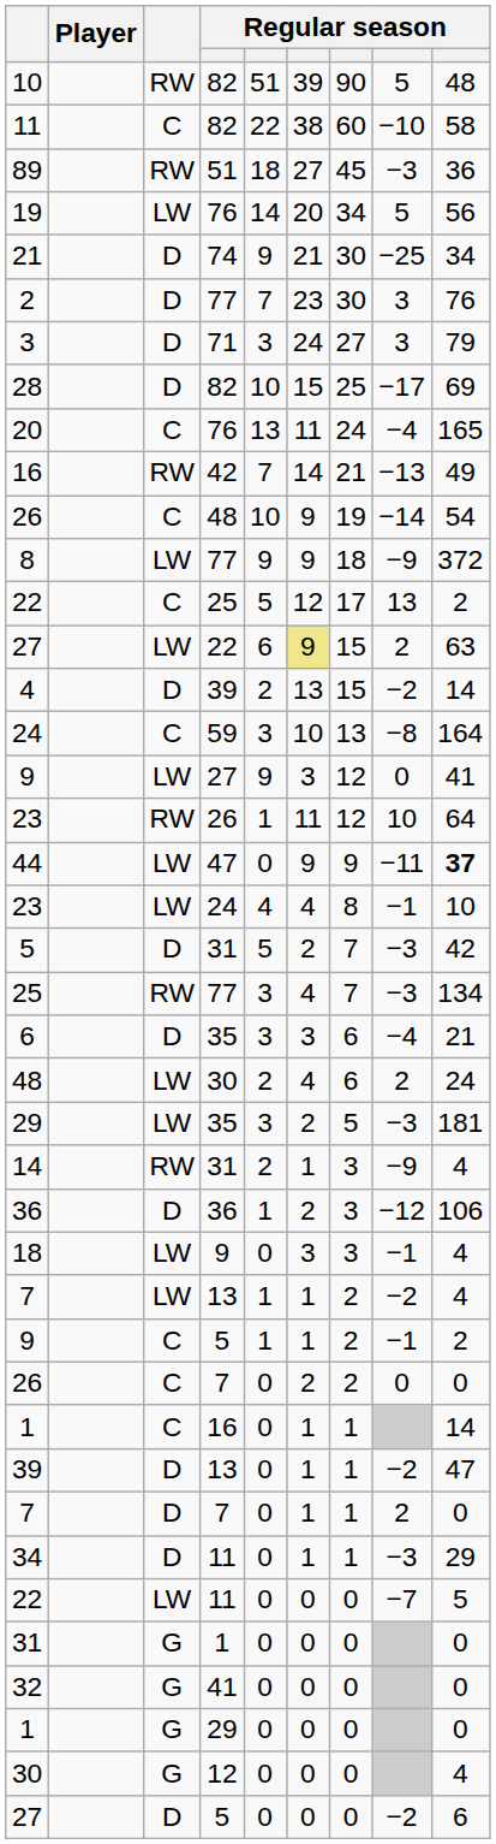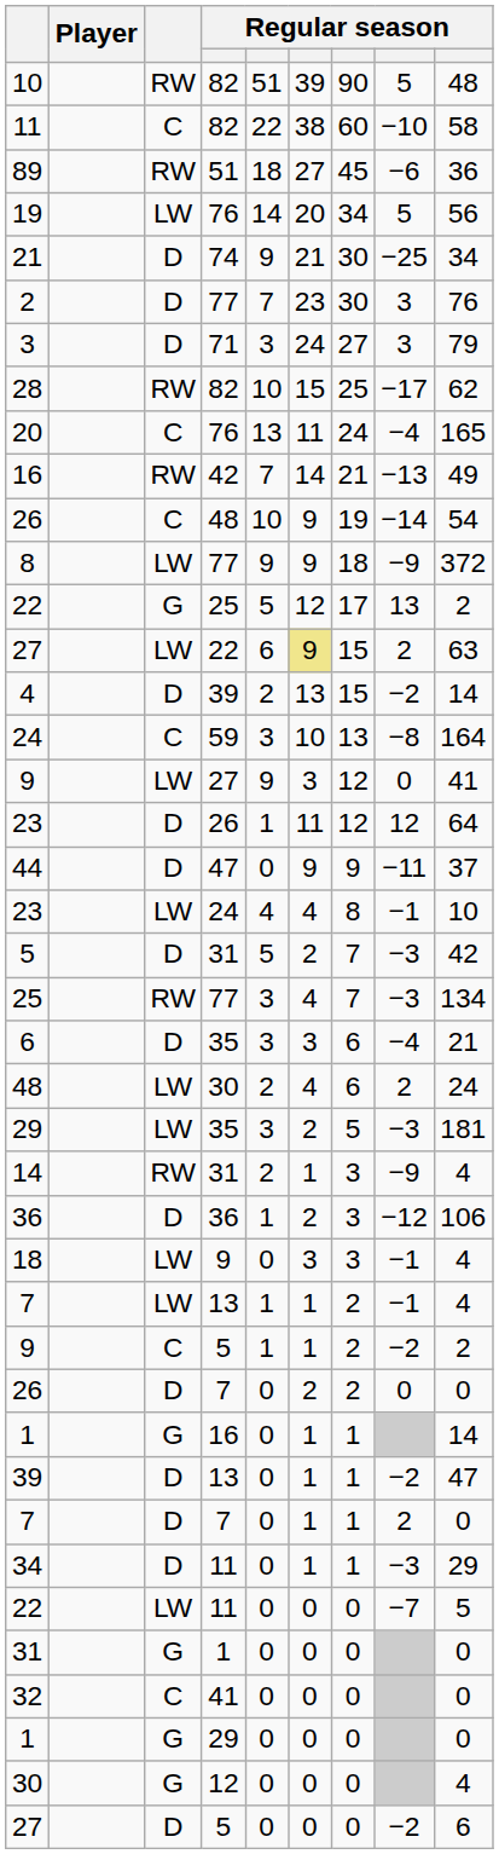 <table class="wikitable sortable plainrowheaders" style="text-align:center;">
 <tr>
 <th scope="col" data-sort-type="number" rowspan="2"></th>
 <th scope="col" rowspan="2">Player</th>
 <th scope="col" rowspan="2"></th>
 <th scope=colgroup colspan=6>Regular season</th>
 </tr>
 <tr>
 <th scope="col" data-sort-type="number"></th>
 <th scope="col" data-sort-type="number"></th>
 <th scope="col" data-sort-type="number"></th>
 <th scope="col" data-sort-type="number"></th>
 <th scope="col" data-sort-type="number"></th>
 <th scope="col" data-sort-type="number"></th>
 </tr>
 <tr>
 <td scope="row">10</td>
 <td align="left"></td>
 <td>RW</td>
 <td>82</td>
 <td>51</td>
 <td>39</td>
 <td>90</td>
 <td>5</td>
 <td>48</td>
 </tr>
 <tr>
 <td scope="row">11</td>
 <td align="left"></td>
 <td>C</td>
 <td>82</td>
 <td>22</td>
 <td>38</td>
 <td>60</td>
 <td>−10</td>
 <td>58</td>
 </tr>
 <tr>
 <td scope="row">89</td>
 <td align="left"></td>
 <td>RW</td>
 <td>51</td>
 <td>18</td>
 <td>27</td>
 <td>45</td>
-<td>−3</td>
+<td>−6</td>
 <td>36</td>
 </tr>
 <tr>
 <td scope="row">19</td>
 <td align="left"></td>
 <td>LW</td>
 <td>76</td>
 <td>14</td>
 <td>20</td>
 <td>34</td>
 <td>5</td>
 <td>56</td>
 </tr>
 <tr>
 <td scope="row">21</td>
 <td align="left"></td>
 <td>D</td>
 <td>74</td>
 <td>9</td>
 <td>21</td>
 <td>30</td>
 <td>−25</td>
 <td>34</td>
 </tr>
 <tr>
 <td scope="row">2</td>
 <td align="left"></td>
 <td>D</td>
 <td>77</td>
 <td>7</td>
 <td>23</td>
 <td>30</td>
 <td>3</td>
 <td>76</td>
 </tr>
 <tr>
 <td scope="row">3</td>
 <td align="left"></td>
 <td>D</td>
 <td>71</td>
 <td>3</td>
 <td>24</td>
 <td>27</td>
 <td>3</td>
 <td>79</td>
 </tr>
 <tr>
 <td scope="row">28</td>
 <td align="left"></td>
-<td>D</td>
+<td>RW</td>
 <td>82</td>
 <td>10</td>
 <td>15</td>
 <td>25</td>
 <td>−17</td>
-<td>69</td>
+<td>62</td>
 </tr>
 <tr>
 <td scope="row">20</td>
 <td align="left"></td>
 <td>C</td>
 <td>76</td>
 <td>13</td>
 <td>11</td>
 <td>24</td>
 <td>−4</td>
 <td>165</td>
 </tr>
 <tr>
 <td scope="row">16</td>
 <td align="left"></td>
 <td>RW</td>
 <td>42</td>
 <td>7</td>
 <td>14</td>
 <td>21</td>
 <td>−13</td>
 <td>49</td>
 </tr>
 <tr>
 <td scope="row">26</td>
 <td align="left"></td>
 <td>C</td>
 <td>48</td>
 <td>10</td>
 <td>9</td>
 <td>19</td>
 <td>−14</td>
 <td>54</td>
 </tr>
 <tr>
 <td scope="row">8</td>
 <td align="left"></td>
 <td>LW</td>
 <td>77</td>
 <td>9</td>
 <td>9</td>
 <td>18</td>
 <td>−9</td>
 <td>372</td>
 </tr>
 <tr>
 <td scope="row">22</td>
 <td align="left"></td>
-<td>C</td>
+<td>G</td>
 <td>25</td>
 <td>5</td>
 <td>12</td>
 <td>17</td>
 <td>13</td>
 <td>2</td>
 </tr>
 <tr>
 <td scope="row">27</td>
 <td align="left"></td>
 <td>LW</td>
 <td>22</td>
 <td>6</td>
 <td style="background: khaki;">9</td>
 <td>15</td>
 <td>2</td>
 <td>63</td>
 </tr>
 <tr>
 <td scope="row">4</td>
 <td align="left"></td>
 <td>D</td>
 <td>39</td>
 <td>2</td>
 <td>13</td>
 <td>15</td>
 <td>−2</td>
 <td>14</td>
 </tr>
 <tr>
 <td scope="row">24</td>
 <td align="left"></td>
 <td>C</td>
 <td>59</td>
 <td>3</td>
 <td>10</td>
 <td>13</td>
 <td>−8</td>
 <td>164</td>
 </tr>
 <tr>
 <td scope="row">9</td>
 <td align="left"></td>
 <td>LW</td>
 <td>27</td>
 <td>9</td>
 <td>3</td>
 <td>12</td>
 <td>0</td>
 <td>41</td>
 </tr>
 <tr>
 <td scope="row">23</td>
 <td align="left"></td>
-<td>RW</td>
+<td>D</td>
 <td>26</td>
 <td>1</td>
 <td>11</td>
 <td>12</td>
-<td>10</td>
+<td>12</td>
 <td>64</td>
 </tr>
 <tr>
 <td scope="row">44</td>
 <td align="left"></td>
-<td>LW</td>
+<td>D</td>
 <td>47</td>
 <td>0</td>
 <td>9</td>
 <td>9</td>
 <td>−11</td>
-<td><strong>37</strong></td>
+<td>37</td>
 </tr>
 <tr>
 <td scope="row">23</td>
 <td align="left"></td>
 <td>LW</td>
 <td>24</td>
 <td>4</td>
 <td>4</td>
 <td>8</td>
 <td>−1</td>
 <td>10</td>
 </tr>
 <tr>
 <td scope="row">5</td>
 <td align="left"></td>
 <td>D</td>
 <td>31</td>
 <td>5</td>
 <td>2</td>
 <td>7</td>
 <td>−3</td>
 <td>42</td>
 </tr>
 <tr>
 <td scope="row">25</td>
 <td align="left"></td>
 <td>RW</td>
 <td>77</td>
 <td>3</td>
 <td>4</td>
 <td>7</td>
 <td>−3</td>
 <td>134</td>
 </tr>
 <tr>
 <td scope="row">6</td>
 <td align="left"></td>
 <td>D</td>
 <td>35</td>
 <td>3</td>
 <td>3</td>
 <td>6</td>
 <td>−4</td>
 <td>21</td>
 </tr>
 <tr>
 <td scope="row">48</td>
 <td align="left"></td>
 <td>LW</td>
 <td>30</td>
 <td>2</td>
 <td>4</td>
 <td>6</td>
 <td>2</td>
 <td>24</td>
 </tr>
 <tr>
 <td scope="row">29</td>
 <td align="left"></td>
 <td>LW</td>
 <td>35</td>
 <td>3</td>
 <td>2</td>
 <td>5</td>
 <td>−3</td>
 <td>181</td>
 </tr>
 <tr>
 <td scope="row">14</td>
 <td align="left"></td>
 <td>RW</td>
 <td>31</td>
 <td>2</td>
 <td>1</td>
 <td>3</td>
 <td>−9</td>
 <td>4</td>
 </tr>
 <tr>
 <td scope="row">36</td>
 <td align="left"></td>
 <td>D</td>
 <td>36</td>
 <td>1</td>
 <td>2</td>
 <td>3</td>
 <td>−12</td>
 <td>106</td>
 </tr>
 <tr>
 <td scope="row">18</td>
 <td align="left"></td>
 <td>LW</td>
 <td>9</td>
 <td>0</td>
 <td>3</td>
 <td>3</td>
 <td>−1</td>
 <td>4</td>
 </tr>
 <tr>
 <td scope="row">7</td>
 <td align="left"></td>
 <td>LW</td>
 <td>13</td>
 <td>1</td>
 <td>1</td>
 <td>2</td>
-<td>−2</td>
+<td>−1</td>
 <td>4</td>
 </tr>
 <tr>
 <td scope="row">9</td>
 <td align="left"></td>
 <td>C</td>
 <td>5</td>
 <td>1</td>
 <td>1</td>
 <td>2</td>
-<td>−1</td>
+<td>−2</td>
 <td>2</td>
 </tr>
 <tr>
 <td scope="row">26</td>
 <td align="left"></td>
-<td>C</td>
+<td>D</td>
 <td>7</td>
 <td>0</td>
 <td>2</td>
 <td>2</td>
 <td>0</td>
 <td>0</td>
 </tr>
 <tr>
 <td scope="row">1</td>
 <td align="left"></td>
-<td>C</td>
+<td>G</td>
 <td>16</td>
 <td>0</td>
 <td>1</td>
 <td>1</td>
 <td style="background:#ccc"></td>
 <td>14</td>
 </tr>
 <tr>
 <td scope="row">39</td>
 <td align="left"></td>
 <td>D</td>
 <td>13</td>
 <td>0</td>
 <td>1</td>
 <td>1</td>
 <td>−2</td>
 <td>47</td>
 </tr>
 <tr>
 <td scope="row">7</td>
 <td align="left"></td>
 <td>D</td>
 <td>7</td>
 <td>0</td>
 <td>1</td>
 <td>1</td>
 <td>2</td>
 <td>0</td>
 </tr>
 <tr>
 <td scope="row">34</td>
 <td align="left"></td>
 <td>D</td>
 <td>11</td>
 <td>0</td>
 <td>1</td>
 <td>1</td>
 <td>−3</td>
 <td>29</td>
 </tr>
 <tr>
 <td scope="row">22</td>
 <td align="left"></td>
 <td>LW</td>
 <td>11</td>
 <td>0</td>
 <td>0</td>
 <td>0</td>
 <td>−7</td>
 <td>5</td>
 </tr>
 <tr>
 <td scope="row">31</td>
 <td align="left"></td>
 <td>G</td>
 <td>1</td>
 <td>0</td>
 <td>0</td>
 <td>0</td>
 <td style="background:#ccc"></td>
 <td>0</td>
 </tr>
 <tr>
 <td scope="row">32</td>
 <td align="left"></td>
-<td>G</td>
+<td>C</td>
 <td>41</td>
 <td>0</td>
 <td>0</td>
 <td>0</td>
 <td style="background:#ccc"></td>
 <td>0</td>
 </tr>
 <tr>
 <td scope="row">1</td>
 <td align="left"></td>
 <td>G</td>
 <td>29</td>
 <td>0</td>
 <td>0</td>
 <td>0</td>
 <td style="background:#ccc"></td>
 <td>0</td>
 </tr>
 <tr>
 <td scope="row">30</td>
 <td align="left"></td>
 <td>G</td>
 <td>12</td>
 <td>0</td>
 <td>0</td>
 <td>0</td>
 <td style="background:#ccc"></td>
 <td>4</td>
 </tr>
 <tr>
 <td scope="row">27</td>
 <td align="left"></td>
 <td>D</td>
 <td>5</td>
 <td>0</td>
 <td>0</td>
 <td>0</td>
 <td>−2</td>
 <td>6</td>
 </tr>
 </table>
